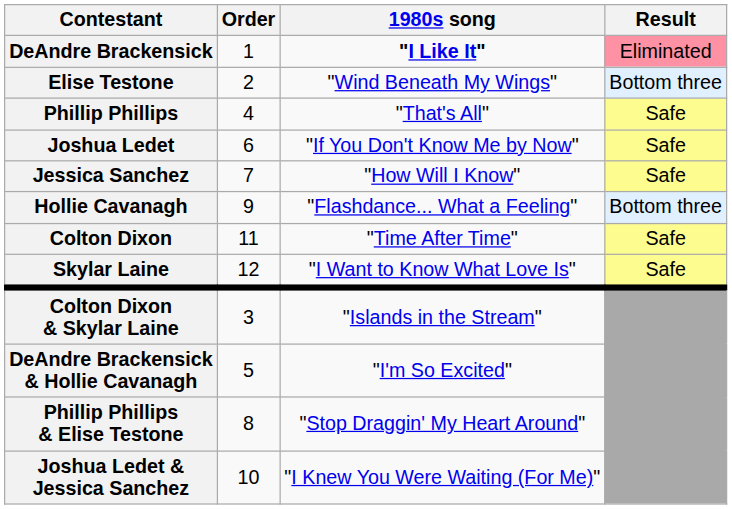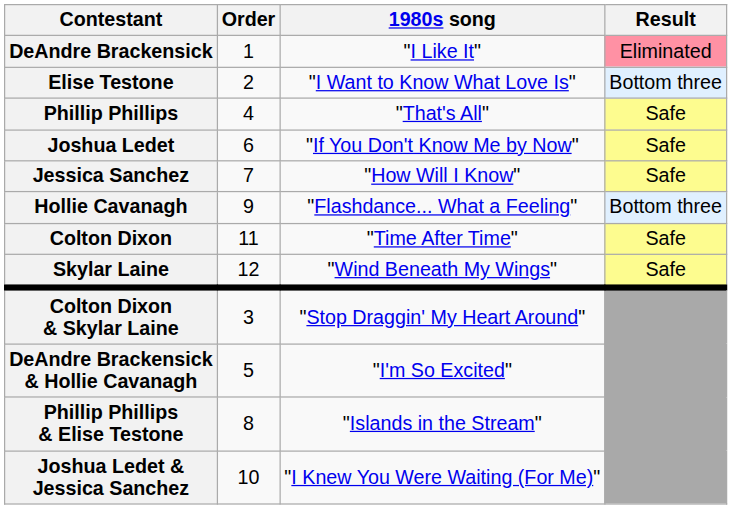 <table class="wikitable unsortable" style="text-align:center;">
 <tr>
 <th scope="col">Contestant</th>
 <th scope="col">Order</th>
 <th scope="col"><a href='#'>1980s</a> song</th>
 <th scope="col">Result</th>
 </tr>
 <tr>
 <th scope="row">DeAndre Brackensick</th>
 <td>1</td>
-<td><strong>"<a href='#'>I Like It</a>"</strong></td>
+<td>"<a href='#'>I Like It</a>"</td>
 <td bgcolor="FF91A4">Eliminated</td>
 </tr>
 <tr>
 <th scope="row">Elise Testone</th>
 <td>2</td>
-<td>"<a href='#'>Wind Beneath My Wings</a>"</td>
+<td>"<a href='#'>I Want to Know What Love Is</a>"</td>
 <td bgcolor="E0F0FF">Bottom three</td>
 </tr>
 <tr>
 <th scope="row">Phillip Phillips</th>
 <td>4</td>
 <td>"<a href='#'>That's All</a>"</td>
 <td bgcolor="FDFC8F">Safe</td>
 </tr>
 <tr>
 <th scope="row">Joshua Ledet</th>
 <td>6</td>
 <td>"<a href='#'>If You Don't Know Me by Now</a>"</td>
 <td bgcolor="FDFC8F">Safe</td>
 </tr>
 <tr>
 <th scope="row">Jessica Sanchez</th>
 <td>7</td>
 <td>"<a href='#'>How Will I Know</a>"</td>
 <td bgcolor="FDFC8F">Safe</td>
 </tr>
 <tr>
 <th scope="row">Hollie Cavanagh</th>
 <td>9</td>
 <td>"<a href='#'>Flashdance... What a Feeling</a>"</td>
 <td bgcolor="E0F0FF">Bottom three</td>
 </tr>
 <tr>
 <th scope="row">Colton Dixon</th>
 <td>11</td>
 <td>"<a href='#'>Time After Time</a>"</td>
 <td style="background:#FDFC8F">Safe</td>
 </tr>
 <tr>
 <th scope="row">Skylar Laine</th>
 <td>12</td>
-<td>"<a href='#'>I Want to Know What Love Is</a>"</td>
+<td>"<a href='#'>Wind Beneath My Wings</a>"</td>
 <td style="background:#FDFC8F">Safe</td>
 </tr>
 <tr style="border-top:5px solid">
 <th scope="row">Colton Dixon<br>& Skylar Laine</th>
 <td>3</td>
-<td>"<a href='#'>Islands in the Stream</a>"</td>
+<td>"<a href='#'>Stop Draggin' My Heart Around</a>"</td>
 <td rowspan="4" bgcolor="darkgray"></td>
 </tr>
 <tr>
 <th scope="row">DeAndre Brackensick<br>& Hollie Cavanagh</th>
 <td>5</td>
 <td>"<a href='#'>I'm So Excited</a>"</td>
 </tr>
 <tr>
 <th scope="row">Phillip Phillips<br>& Elise Testone</th>
 <td>8</td>
-<td>"<a href='#'>Stop Draggin' My Heart Around</a>"</td>
+<td>"<a href='#'>Islands in the Stream</a>"</td>
 </tr>
 <tr>
 <th scope="row">Joshua Ledet &<br>Jessica Sanchez</th>
 <td>10</td>
 <td>"<a href='#'>I Knew You Were Waiting (For Me)</a>"</td>
 </tr>
 </table>
